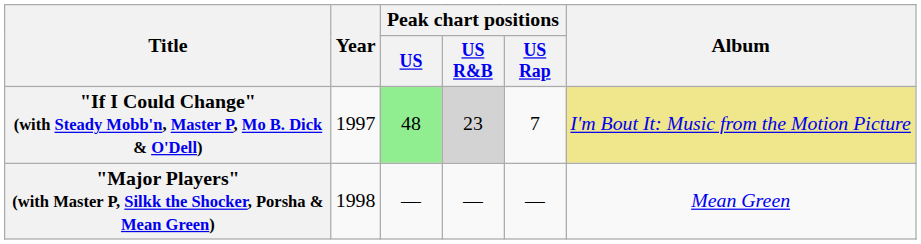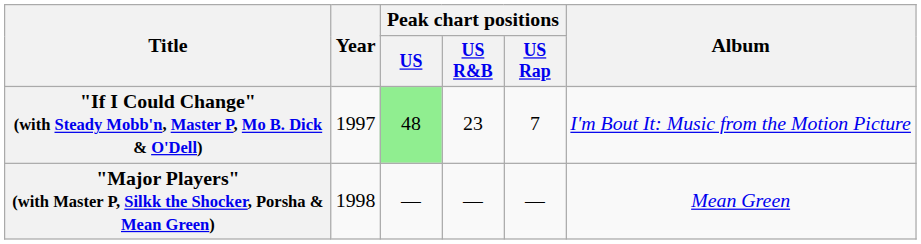 <table class="wikitable plainrowheaders" style="text-align:center;">
 <tr>
 <th scope="col" rowspan="2" style="width:16em;">Title</th>
 <th scope="col" rowspan="2">Year</th>
 <th scope="col" colspan="3">Peak chart positions</th>
 <th scope="col" rowspan="2">Album</th>
 </tr>
 <tr>
 <th style="width:3em; font-size:90%"><a href='#'>US</a></th>
 <th style="width:3em; font-size:90%"><a href='#'>US<br>R&B</a></th>
 <th style="width:3em; font-size:90%"><a href='#'>US<br>Rap</a></th>
 </tr>
 <tr>
 <th scope="row">"If I Could Change"<br><small>(with <a href='#'>Steady Mobb'n</a>, <a href='#'>Master P</a>, <a href='#'>Mo B. Dick</a> & <a href='#'>O'Dell</a>)</small></th>
 <td>1997</td>
 <td style="background: lightgreen;">48</td>
-<td style="background: lightgrey;">23</td>
+<td>23</td>
 <td>7</td>
-<td style="background: khaki;"><em><a href='#'>I'm Bout It: Music from the Motion Picture</a></em></td>
+<td><em><a href='#'>I'm Bout It: Music from the Motion Picture</a></em></td>
 </tr>
 <tr>
 <th scope="row">"Major Players"<br><small>(with Master P, <a href='#'>Silkk the Shocker</a>, Porsha & <a href='#'>Mean Green</a>)</small></th>
 <td>1998</td>
 <td>—</td>
 <td>—</td>
 <td>—</td>
 <td><em><a href='#'>Mean Green</a></em></td>
 </tr>
 </table>
